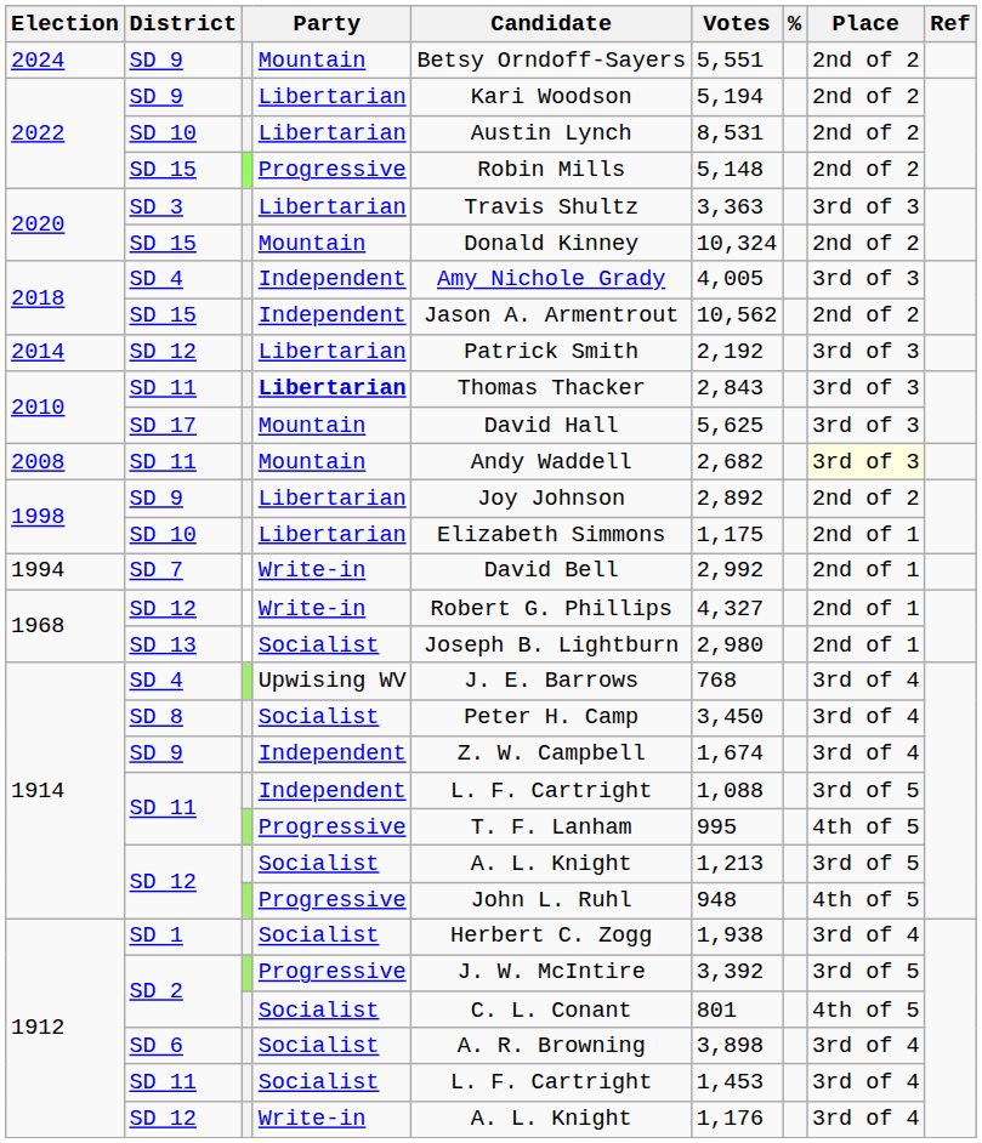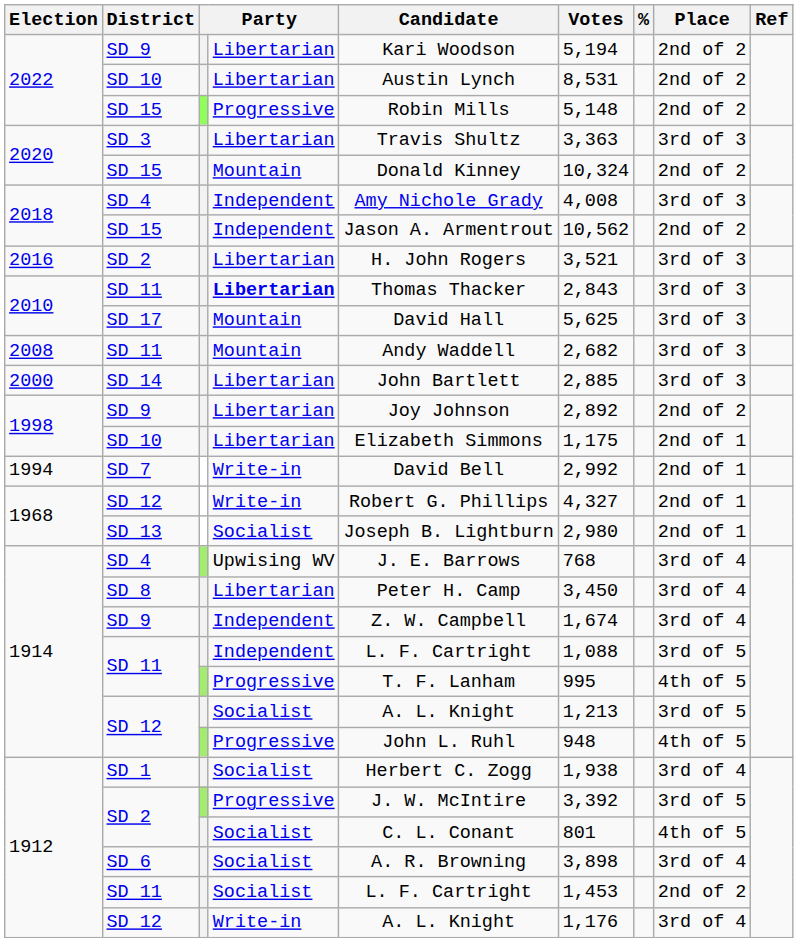 <table class="wikitable sortable">
 <tr>
 <th>Election</th>
 <th>District</th>
 <th colspan=2>Party</th>
 <th>Candidate</th>
 <th>Votes</th>
 <th>%</th>
 <th>Place</th>
 <th>Ref</th>
-</tr>
-<tr>
-<td><a href='#'>2024</a></td>
-<td><a href='#'>SD 9</a></td>
-<th style="background-color:"></th>
-<td><a href='#'>Mountain</a></td>
-<td align="center">Betsy Orndoff-Sayers</td>
-<td>5,551</td>
-<td></td>
-<td>2nd of 2</td>
-<td></td>
 </tr>
 <tr>
 <td rowspan=3><a href='#'>2022</a></td>
 <td><a href='#'>SD 9</a></td>
 <th style="background-color:"></th>
 <td><a href='#'>Libertarian</a></td>
 <td align="center">Kari Woodson</td>
 <td>5,194</td>
 <td></td>
 <td>2nd of 2</td>
 <td rowspan=3></td>
 </tr>
 <tr>
 <td><a href='#'>SD 10</a></td>
 <th style="background-color:"></th>
 <td><a href='#'>Libertarian</a></td>
 <td align="center">Austin Lynch</td>
 <td>8,531</td>
 <td></td>
 <td>2nd of 2</td>
 </tr>
 <tr>
 <td><a href='#'>SD 15</a></td>
 <th style="background-color:#91ff59"></th>
 <td><a href='#'>Progressive</a></td>
 <td align="center">Robin Mills</td>
 <td>5,148</td>
 <td></td>
 <td>2nd of 2</td>
 </tr>
 <tr>
 <td rowspan=2><a href='#'>2020</a></td>
 <td><a href='#'>SD 3</a></td>
 <th style="background-color:"></th>
 <td><a href='#'>Libertarian</a></td>
 <td align="center">Travis Shultz</td>
 <td>3,363</td>
 <td></td>
 <td>3rd of 3</td>
 <td rowspan=2></td>
 </tr>
 <tr>
 <td><a href='#'>SD 15</a></td>
 <th style="background-color:"></th>
 <td><a href='#'>Mountain</a></td>
 <td align="center">Donald Kinney</td>
 <td>10,324</td>
 <td></td>
 <td>2nd of 2</td>
 </tr>
 <tr>
 <td rowspan=2><a href='#'>2018</a></td>
 <td><a href='#'>SD 4</a></td>
 <th style="background-color:"></th>
 <td><a href='#'>Independent</a></td>
 <td align="center"><a href='#'>Amy Nichole Grady</a></td>
-<td>4,005</td>
+<td>4,008</td>
 <td></td>
 <td>3rd of 3</td>
 <td rowspan=2></td>
 </tr>
 <tr>
 <td><a href='#'>SD 15</a></td>
 <th style="background-color:"></th>
 <td><a href='#'>Independent</a></td>
 <td align="center">Jason A. Armentrout</td>
 <td>10,562</td>
 <td></td>
 <td>2nd of 2</td>
 </tr>
 <tr>
-<td><a href='#'>2014</a></td>
-<td><a href='#'>SD 12</a></td>
+<td><a href='#'>2016</a></td>
+<td><a href='#'>SD 2</a></td>
 <th style="background-color:"></th>
 <td><a href='#'>Libertarian</a></td>
-<td align="center">Patrick Smith</td>
-<td>2,192</td>
+<td align="center">H. John Rogers</td>
+<td>3,521</td>
 <td></td>
 <td>3rd of 3</td>
 <td></td>
 </tr>
 <tr>
 <td rowspan=2><a href='#'>2010</a></td>
 <td><a href='#'>SD 11</a></td>
 <th style="background-color:"></th>
 <td><strong><a href='#'>Libertarian</a></strong></td>
 <td align="center">Thomas Thacker</td>
 <td>2,843</td>
 <td></td>
 <td>3rd of 3</td>
 <td rowspan=2></td>
 </tr>
 <tr>
 <td><a href='#'>SD 17</a></td>
 <th style="background-color:"></th>
 <td><a href='#'>Mountain</a></td>
 <td align="center">David Hall</td>
 <td>5,625</td>
 <td></td>
 <td>3rd of 3</td>
 </tr>
 <tr>
 <td><a href='#'>2008</a></td>
 <td><a href='#'>SD 11</a></td>
 <th style="background-color:"></th>
 <td><a href='#'>Mountain</a></td>
 <td align="center">Andy Waddell</td>
 <td>2,682</td>
 <td></td>
-<td style="background: lightyellow;">3rd of 3</td>
+<td>3rd of 3</td>
 <td rowspan=1></td>
+</tr>
+<tr>
+<td><a href='#'>2000</a></td>
+<td><a href='#'>SD 14</a></td>
+<th style="background-color:"></th>
+<td><a href='#'>Libertarian</a></td>
+<td align="center">John Bartlett</td>
+<td>2,885</td>
+<td></td>
+<td>3rd of 3</td>
+<td></td>
 </tr>
 <tr>
 <td rowspan=2><a href='#'>1998</a></td>
 <td><a href='#'>SD 9</a></td>
 <th style="background-color:"></th>
 <td><a href='#'>Libertarian</a></td>
 <td align="center">Joy Johnson</td>
 <td>2,892</td>
 <td></td>
 <td>2nd of 2</td>
 <td rowspan=2></td>
 </tr>
 <tr>
 <td><a href='#'>SD 10</a></td>
 <th style="background-color:"></th>
 <td><a href='#'>Libertarian</a></td>
 <td align="center">Elizabeth Simmons</td>
 <td>1,175</td>
 <td></td>
 <td>2nd of 1</td>
 </tr>
 <tr>
 <td>1994</td>
 <td><a href='#'>SD 7</a></td>
 <th style="background-color:#FFFFFF"></th>
 <td><a href='#'>Write-in</a></td>
 <td align="center">David Bell</td>
 <td>2,992</td>
 <td></td>
 <td>2nd of 1</td>
 <td></td>
 </tr>
 <tr>
 <td rowspan=2>1968</td>
 <td><a href='#'>SD 12</a></td>
 <th style="background-color:#FFFFFF"></th>
 <td><a href='#'>Write-in</a></td>
 <td align="center">Robert G. Phillips</td>
 <td>4,327</td>
 <td></td>
 <td>2nd of 1</td>
 <td rowspan=2></td>
 </tr>
 <tr>
 <td><a href='#'>SD 13</a></td>
 <th style="background-color:#FFFFFF"></th>
 <td><a href='#'>Socialist</a></td>
 <td align="center">Joseph B. Lightburn</td>
 <td>2,980</td>
 <td></td>
 <td>2nd of 1</td>
 </tr>
 <tr>
 <td rowspan=7>1914</td>
 <td><a href='#'>SD 4</a></td>
 <th style="background-color:#a2ed70"></th>
 <td>Upwising WV</td>
 <td align="center">J. E. Barrows</td>
 <td>768</td>
 <td></td>
 <td>3rd of 4</td>
 <td rowspan=7></td>
 </tr>
 <tr>
 <td><a href='#'>SD 8</a></td>
 <th style="background-color:"></th>
-<td><a href='#'>Socialist</a></td>
+<td><a href='#'>Libertarian</a></td>
 <td align="center">Peter H. Camp</td>
 <td>3,450</td>
 <td></td>
 <td>3rd of 4</td>
 </tr>
 <tr>
 <td><a href='#'>SD 9</a></td>
 <th style="background-color:"></th>
 <td><a href='#'>Independent</a></td>
 <td align="center">Z. W. Campbell</td>
 <td>1,674</td>
 <td></td>
 <td>3rd of 4</td>
 </tr>
 <tr>
 <td rowspan=2><a href='#'>SD 11</a></td>
 <th style="background-color:"></th>
 <td><a href='#'>Independent</a></td>
 <td align="center">L. F. Cartright</td>
 <td>1,088</td>
 <td></td>
 <td>3rd of 5</td>
 </tr>
 <tr>
 <th style="background-color:#a2ed70"></th>
 <td><a href='#'>Progressive</a></td>
 <td align="center">T. F. Lanham</td>
 <td>995</td>
 <td></td>
 <td>4th of 5</td>
 </tr>
 <tr>
 <td rowspan=2><a href='#'>SD 12</a></td>
 <th style="background-color:"></th>
 <td><a href='#'>Socialist</a></td>
 <td align="center">A. L. Knight</td>
 <td>1,213</td>
 <td></td>
 <td>3rd of 5</td>
 </tr>
 <tr>
 <th style="background-color:#a2ed70"></th>
 <td><a href='#'>Progressive</a></td>
 <td align="center">John L. Ruhl</td>
 <td>948</td>
 <td></td>
 <td>4th of 5</td>
 </tr>
 <tr>
 <td rowspan=6>1912</td>
 <td><a href='#'>SD 1</a></td>
 <th style="background-color:"></th>
 <td><a href='#'>Socialist</a></td>
 <td align="center">Herbert C. Zogg</td>
 <td>1,938</td>
 <td></td>
 <td>3rd of 4</td>
 <td rowspan=6></td>
 </tr>
 <tr>
 <td rowspan=2><a href='#'>SD 2</a></td>
 <th style="background-color:#a2ed70"></th>
 <td><a href='#'>Progressive</a></td>
 <td align="center">J. W. McIntire</td>
 <td>3,392</td>
 <td></td>
 <td>3rd of 5</td>
 </tr>
 <tr>
 <th style="background-color:"></th>
 <td><a href='#'>Socialist</a></td>
 <td align="center">C. L. Conant</td>
 <td>801</td>
 <td></td>
 <td>4th of 5</td>
 </tr>
 <tr>
 <td><a href='#'>SD 6</a></td>
 <th style="background-color:"></th>
 <td><a href='#'>Socialist</a></td>
 <td align="center">A. R. Browning</td>
 <td>3,898</td>
 <td></td>
 <td>3rd of 4</td>
 </tr>
 <tr>
 <td><a href='#'>SD 11</a></td>
 <th style="background-color:"></th>
 <td><a href='#'>Socialist</a></td>
 <td align="center">L. F. Cartright</td>
 <td>1,453</td>
 <td></td>
-<td>3rd of 4</td>
+<td>2nd of 2</td>
 </tr>
 <tr>
 <td><a href='#'>SD 12</a></td>
 <th style="background-color:"></th>
 <td><a href='#'>Write-in</a></td>
 <td align="center">A. L. Knight</td>
 <td>1,176</td>
 <td></td>
 <td>3rd of 4</td>
 </tr>
 </table>
